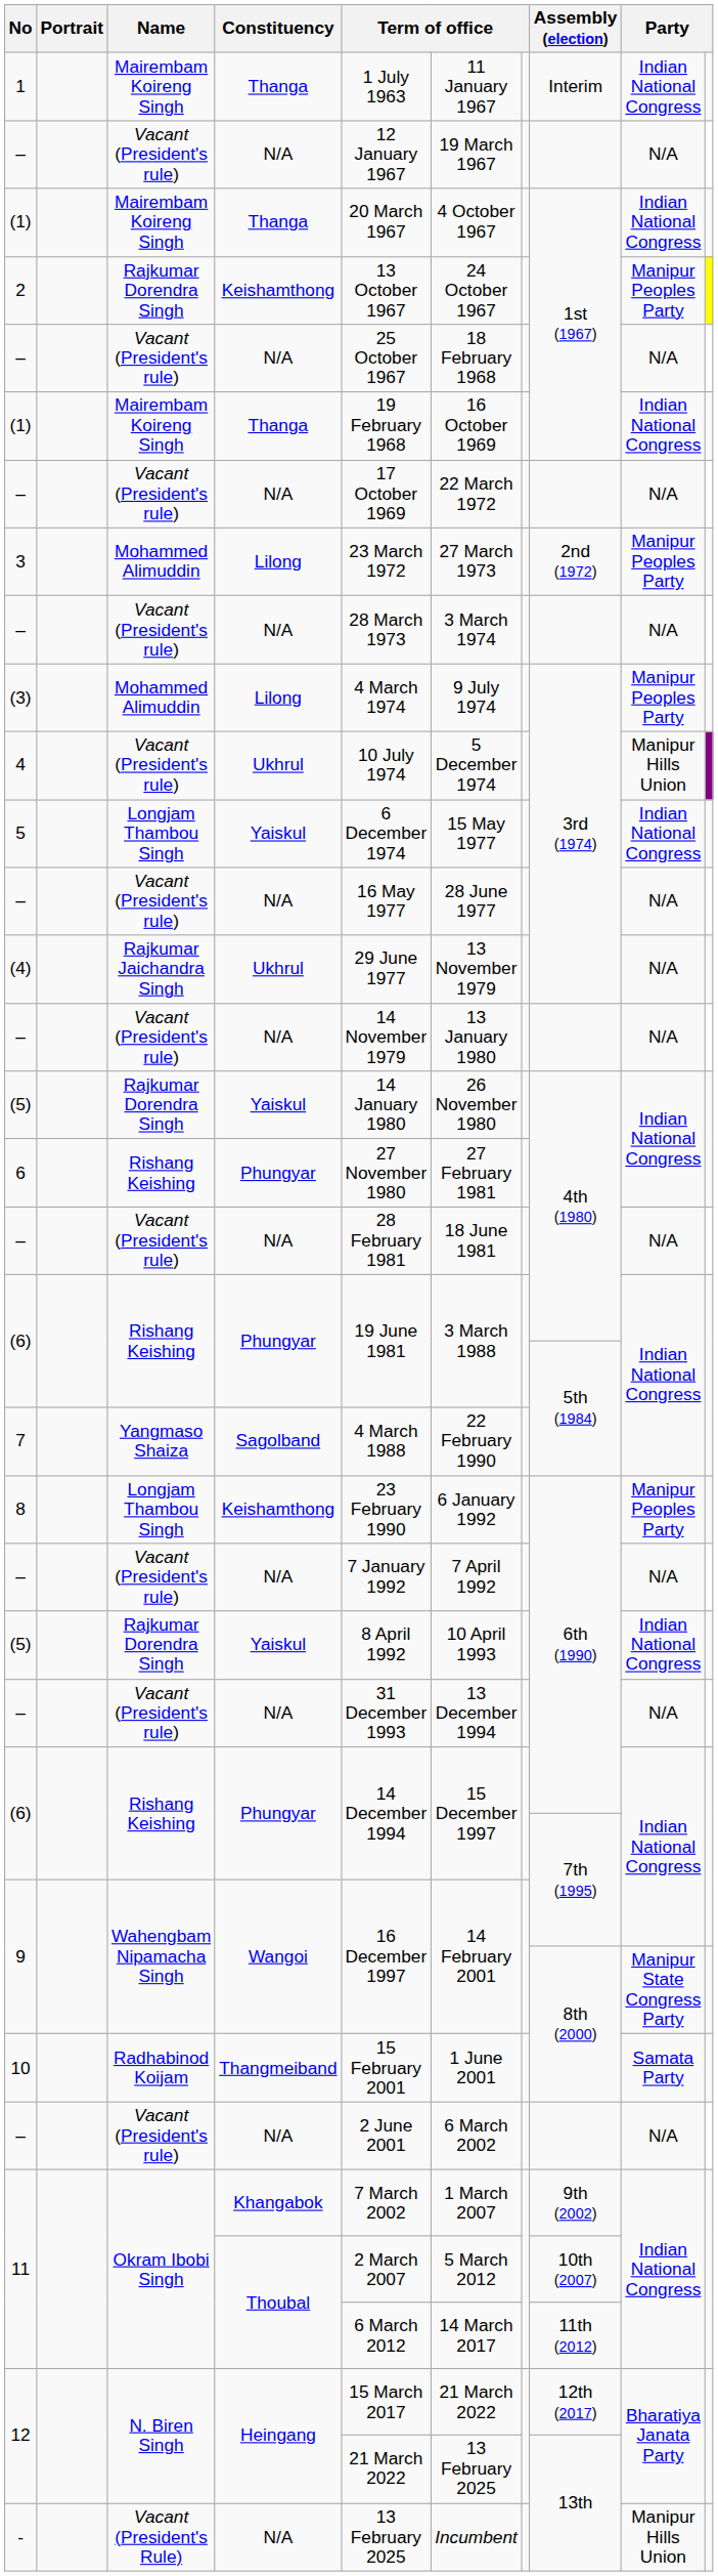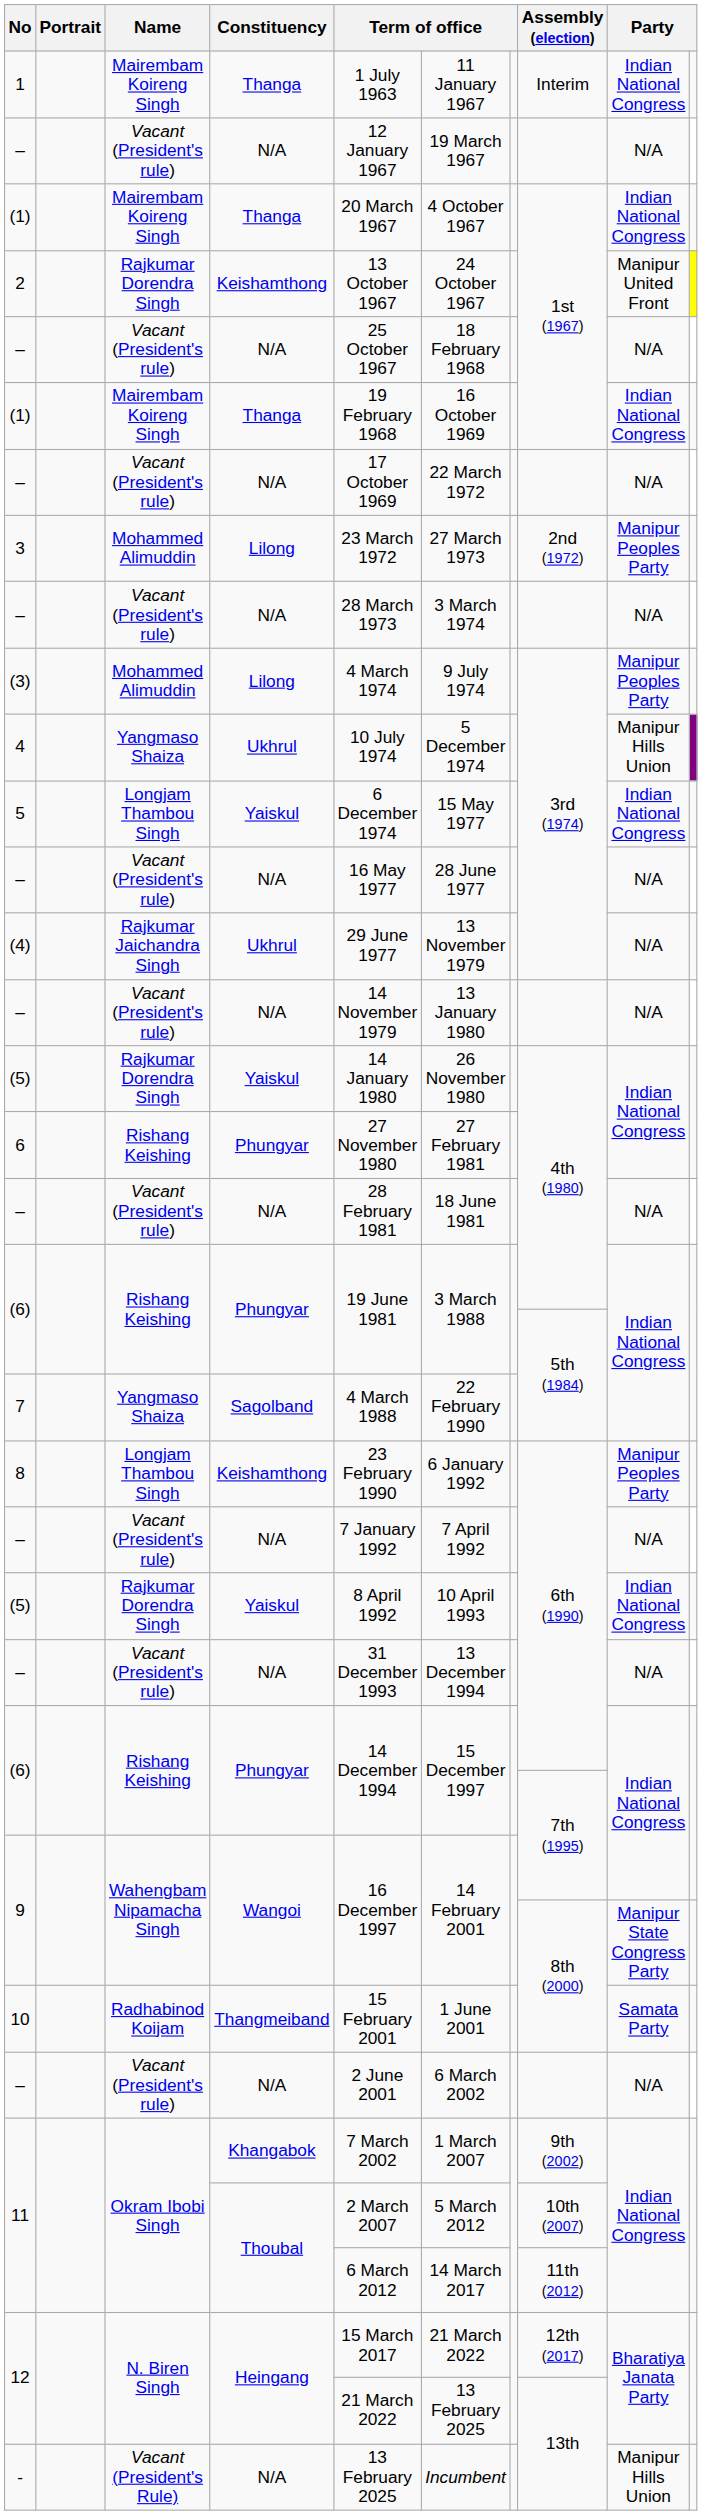 <table class="wikitable">
 <tr>
 <th>No</th>
 <th>Portrait</th>
 <th>Name</th>
 <th>Constituency</th>
 <th colspan="3">Term of office</th>
 <th>Assembly<br><small>(<a href='#'>election</a>)</small></th>
 <th colspan=2>Party</th>
 </tr>
 <tr align=center style="height: 60px;">
 <td>1</td>
 <td></td>
 <td><a href='#'>Mairembam Koireng Singh</a></td>
 <td><a href='#'>Thanga</a></td>
 <td>1 July 1963</td>
 <td>11 January 1967</td>
 <td></td>
 <td>Interim</td>
 <td><a href='#'>Indian National Congress</a></td>
 <td style="background-color: "></td>
 </tr>
 <tr align=center style="height: 60px;">
 <td>–</td>
 <td></td>
 <td><em>Vacant</em><br>(<a href='#'>President's rule</a>)</td>
 <td>N/A</td>
 <td>12 January 1967</td>
 <td>19 March 1967</td>
 <td></td>
 <td></td>
 <td>N/A</td>
 <td style="background-color: white"></td>
 </tr>
 <tr align=center style="height: 60px;">
 <td>(1)</td>
 <td></td>
 <td><a href='#'>Mairembam Koireng Singh</a></td>
 <td><a href='#'>Thanga</a></td>
 <td>20 March 1967</td>
 <td>4 October 1967</td>
 <td></td>
 <td rowspan="4">1st<br><small>(<a href='#'>1967</a>)</small></td>
 <td><a href='#'>Indian National Congress</a></td>
 <td style="background-color: "></td>
 </tr>
 <tr align=center style="height: 60px;">
 <td>2</td>
 <td></td>
 <td><a href='#'>Rajkumar Dorendra Singh</a></td>
 <td><a href='#'>Keishamthong</a></td>
 <td>13 October 1967</td>
 <td>24 October 1967</td>
 <td></td>
-<td><a href='#'>Manipur Peoples Party</a></td>
+<td>Manipur United Front</td>
 <td style="background-color: yellow"></td>
 </tr>
 <tr align=center style="height: 60px;">
 <td>–</td>
 <td></td>
 <td><em>Vacant</em><br>(<a href='#'>President's rule</a>)</td>
 <td>N/A</td>
 <td>25 October 1967</td>
 <td>18 February 1968</td>
 <td></td>
 <td>N/A</td>
 <td style="background-color: white"></td>
 </tr>
 <tr align=center style="height: 60px;">
 <td>(1)</td>
 <td></td>
 <td><a href='#'>Mairembam Koireng Singh</a></td>
 <td><a href='#'>Thanga</a></td>
 <td>19 February 1968</td>
 <td>16 October 1969</td>
 <td></td>
 <td><a href='#'>Indian National Congress</a></td>
 <td style="background-color: "></td>
 </tr>
 <tr align=center style="height: 60px;">
 <td>–</td>
 <td></td>
 <td><em>Vacant</em><br>(<a href='#'>President's rule</a>)</td>
 <td>N/A</td>
 <td>17 October 1969</td>
 <td> 22 March 1972</td>
 <td></td>
 <td></td>
 <td>N/A</td>
 <td style="background-color: white"></td>
 </tr>
 <tr align=center style="height: 60px;">
 <td>3</td>
 <td></td>
 <td><a href='#'>Mohammed Alimuddin</a></td>
 <td><a href='#'>Lilong</a></td>
 <td>23 March 1972</td>
 <td>27 March 1973</td>
 <td></td>
 <td>2nd<br><small>(<a href='#'>1972</a>)</small></td>
 <td><a href='#'>Manipur Peoples Party</a></td>
 <td style="background-color: "></td>
 </tr>
 <tr align=center style="height: 60px;">
 <td>–</td>
 <td></td>
 <td><em>Vacant</em><br>(<a href='#'>President's rule</a>)</td>
 <td>N/A</td>
 <td>28 March 1973</td>
 <td>3 March 1974</td>
 <td></td>
 <td></td>
 <td>N/A</td>
 <td style="background-color: white"></td>
 </tr>
 <tr align=center style="height: 60px;">
 <td>(3)</td>
 <td></td>
 <td><a href='#'>Mohammed Alimuddin</a></td>
 <td><a href='#'>Lilong</a></td>
 <td>4 March 1974</td>
 <td>9 July 1974</td>
 <td></td>
 <td rowspan="5">3rd<br><small>(<a href='#'>1974</a>)</small></td>
 <td><a href='#'>Manipur Peoples Party</a></td>
 <td style="background-color: "></td>
 </tr>
 <tr align=center style="height: 60px;">
 <td>4</td>
 <td></td>
-<td><em>Vacant</em><br>(<a href='#'>President's rule</a>)</td>
+<td><a href='#'>Yangmaso Shaiza</a></td>
 <td><a href='#'>Ukhrul</a></td>
 <td>10 July 1974</td>
 <td>5 December 1974</td>
 <td></td>
 <td>Manipur Hills Union</td>
 <td style="background-color: purple"></td>
 </tr>
 <tr align=center style="height: 60px;">
 <td>5</td>
 <td></td>
 <td><a href='#'>Longjam Thambou Singh</a></td>
 <td><a href='#'>Yaiskul</a></td>
 <td>6 December 1974</td>
 <td>15 May 1977</td>
 <td></td>
 <td><a href='#'>Indian National Congress</a></td>
 <td style="background-color: "></td>
 </tr>
 <tr align=center style="height: 60px;">
 <td>–</td>
 <td></td>
 <td><em>Vacant</em><br>(<a href='#'>President's rule</a>)</td>
 <td>N/A</td>
 <td>16 May 1977</td>
 <td>28 June 1977</td>
 <td></td>
 <td>N/A</td>
 <td style="background-color: white"></td>
 </tr>
 <tr align=center style="height: 60px;">
 <td>(4)</td>
 <td></td>
 <td><a href='#'>Rajkumar Jaichandra Singh</a></td>
 <td><a href='#'>Ukhrul</a></td>
 <td>29 June 1977</td>
 <td>13 November 1979</td>
 <td></td>
 <td>N/A</td>
 <td style="background-color: "></td>
 </tr>
 <tr align=center style="height: 60px;">
 <td>–</td>
 <td></td>
 <td><em>Vacant</em><br>(<a href='#'>President's rule</a>)</td>
 <td>N/A</td>
 <td>14 November 1979</td>
 <td>13 January 1980</td>
 <td></td>
 <td></td>
 <td>N/A</td>
 <td style="background-color: white"></td>
 </tr>
 <tr align=center style="height: 60px;">
 <td>(5)</td>
 <td></td>
 <td><a href='#'>Rajkumar Dorendra Singh</a></td>
 <td><a href='#'>Yaiskul</a></td>
 <td>14 January 1980</td>
 <td>26 November 1980</td>
 <td></td>
 <td rowspan="4">4th<br><small>(<a href='#'>1980</a>)</small></td>
 <td rowspan=2><a href='#'>Indian National Congress</a></td>
 <td rowspan=2 style="background-color: "></td>
 </tr>
 <tr align=center style="height: 60px;">
 <td>6</td>
 <td></td>
 <td><a href='#'>Rishang Keishing</a></td>
 <td><a href='#'>Phungyar</a></td>
 <td>27 November 1980</td>
 <td>27 February 1981</td>
 <td></td>
 </tr>
 <tr align=center style="height: 60px;">
 <td>–</td>
 <td></td>
 <td><em>Vacant</em><br>(<a href='#'>President's rule</a>)</td>
 <td>N/A</td>
 <td>28 February 1981</td>
 <td>18 June 1981</td>
 <td></td>
 <td>N/A</td>
 <td style="background-color: white"></td>
 </tr>
 <tr align=center style="height: 60px;">
 <td rowspan="2">(6)</td>
 <td rowspan="2"></td>
 <td rowspan="2"><a href='#'>Rishang Keishing</a></td>
 <td rowspan="2"><a href='#'>Phungyar</a></td>
 <td rowspan="2">19 June 1981</td>
 <td rowspan="2">3 March 1988</td>
 <td rowspan="2"></td>
 <td rowspan="3"><a href='#'>Indian National Congress</a></td>
 <td rowspan="3" style="background-color: "></td>
 </tr>
 <tr align="center" style="height: 60px;">
 <td rowspan="2">5th<br><small>(<a href='#'>1984</a>)</small></td>
 </tr>
 <tr align=center style="height: 60px;">
 <td>7</td>
 <td></td>
 <td><a href='#'>Yangmaso Shaiza</a></td>
 <td><a href='#'>Sagolband</a></td>
 <td>4 March 1988</td>
 <td>22 February 1990</td>
 <td></td>
 </tr>
 <tr align=center style="height: 60px;">
 <td>8</td>
 <td></td>
 <td><a href='#'>Longjam Thambou Singh</a></td>
 <td><a href='#'>Keishamthong</a></td>
 <td>23 February 1990</td>
 <td>6 January 1992</td>
 <td></td>
 <td rowspan="5">6th<br><small>(<a href='#'>1990</a>)</small></td>
 <td><a href='#'>Manipur Peoples Party</a></td>
 <td style="background-color: "></td>
 </tr>
 <tr align=center style="height: 60px;">
 <td>–</td>
 <td></td>
 <td><em>Vacant</em><br>(<a href='#'>President's rule</a>)</td>
 <td>N/A</td>
 <td>7 January 1992</td>
 <td>7 April 1992</td>
 <td></td>
 <td>N/A</td>
 <td style="background-color: white"></td>
 </tr>
 <tr align=center style="height: 60px;">
 <td>(5)</td>
 <td></td>
 <td><a href='#'>Rajkumar Dorendra Singh</a></td>
 <td><a href='#'>Yaiskul</a></td>
 <td>8 April 1992</td>
 <td>10 April 1993</td>
 <td></td>
 <td><a href='#'>Indian National Congress</a></td>
 <td style="background-color: "></td>
 </tr>
 <tr align=center style="height: 60px;">
 <td>–</td>
 <td></td>
 <td><em>Vacant</em><br>(<a href='#'>President's rule</a>)</td>
 <td>N/A</td>
 <td>31 December 1993</td>
 <td>13 December 1994</td>
 <td></td>
 <td>N/A</td>
 <td style="background-color: white"></td>
 </tr>
 <tr align=center style="height: 60px;">
 <td rowspan="2">(6)</td>
 <td rowspan="2"></td>
 <td rowspan="2"><a href='#'>Rishang Keishing</a></td>
 <td rowspan="2"><a href='#'>Phungyar</a></td>
 <td rowspan="2">14 December 1994</td>
 <td rowspan="2">15 December 1997</td>
 <td rowspan="2"></td>
 <td rowspan="3"><a href='#'>Indian National Congress</a></td>
 <td rowspan="3" style="background-color: "></td>
 </tr>
 <tr align="center" style="height: 60px;">
 <td rowspan="2">7th<br><small>(<a href='#'>1995</a>)</small></td>
 </tr>
 <tr align=center style="height: 60px;">
 <td rowspan="2">9</td>
 <td rowspan="2"></td>
 <td rowspan="2"><a href='#'>Wahengbam Nipamacha Singh</a></td>
 <td rowspan="2"><a href='#'>Wangoi</a></td>
 <td rowspan="2">16 December 1997</td>
 <td rowspan="2">14 February 2001</td>
 <td rowspan="2"></td>
 </tr>
 <tr align="center" style="height: 60px;">
 <td rowspan="2">8th<br><small>(<a href='#'>2000</a>)</small></td>
 <td><a href='#'>Manipur State Congress Party</a></td>
 <td style="background-color: "></td>
 </tr>
 <tr align=center style="height: 60px;">
 <td>10</td>
 <td></td>
 <td><a href='#'>Radhabinod Koijam</a></td>
 <td><a href='#'>Thangmeiband</a></td>
 <td>15 February 2001</td>
 <td>1 June 2001</td>
 <td></td>
 <td><a href='#'>Samata Party</a></td>
 <td style="background-color: "></td>
 </tr>
 <tr align=center style="height: 60px;">
 <td>–</td>
 <td></td>
 <td><em>Vacant</em><br>(<a href='#'>President's rule</a>)</td>
 <td>N/A</td>
 <td>2 June 2001</td>
 <td>6 March 2002</td>
 <td></td>
 <td></td>
 <td>N/A</td>
 <td style="background-color: white"></td>
 </tr>
 <tr align=center style="height: 60px;">
 <td rowspan=3>11</td>
 <td rowspan="3"></td>
 <td rowspan=3><a href='#'>Okram Ibobi Singh</a></td>
 <td><a href='#'>Khangabok</a></td>
 <td>7 March 2002</td>
 <td>1 March 2007</td>
 <td rowspan="3"></td>
 <td>9th<br><small>(<a href='#'>2002</a>)</small></td>
 <td rowspan=3><a href='#'>Indian National Congress</a></td>
 <td rowspan=3 style="background-color: "></td>
 </tr>
 <tr align=center style="height: 60px;">
 <td rowspan="2"><a href='#'>Thoubal</a></td>
 <td>2 March 2007</td>
 <td>5 March 2012</td>
 <td>10th<br><small>(<a href='#'>2007</a>)</small></td>
 </tr>
 <tr align=center style="height: 60px;">
 <td>6 March 2012</td>
 <td>14 March 2017</td>
 <td>11th<br><small>(<a href='#'>2012</a>)</small></td>
 </tr>
 <tr align=center style="height: 60px;">
 <td rowspan="2">12</td>
 <td rowspan="2"></td>
 <td rowspan="2"><a href='#'>N. Biren Singh</a></td>
 <td rowspan="2"><a href='#'>Heingang</a></td>
 <td>15 March 2017</td>
 <td>21 March 2022</td>
 <td rowspan="2"></td>
 <td>12th<br><small>(<a href='#'>2017</a>)</small></td>
 <td rowspan="2"><a href='#'>Bharatiya Janata Party</a></td>
 <td rowspan="2" style="background-color: "></td>
 </tr>
 <tr align="center">
 <td>21 March 2022</td>
 <td>13 February 2025</td>
 <td rowspan="2">13th<br></td>
 </tr>
 <tr align="center">
 <td>-</td>
 <td></td>
 <td><em>Vacant</em><br><a href='#'>(President's Rule)</a></td>
 <td>N/A</td>
 <td>13 February 2025</td>
 <td><em>Incumbent</em></td>
 <td></td>
 <td>Manipur Hills Union</td>
 <td></td>
 </tr>
 </table>
